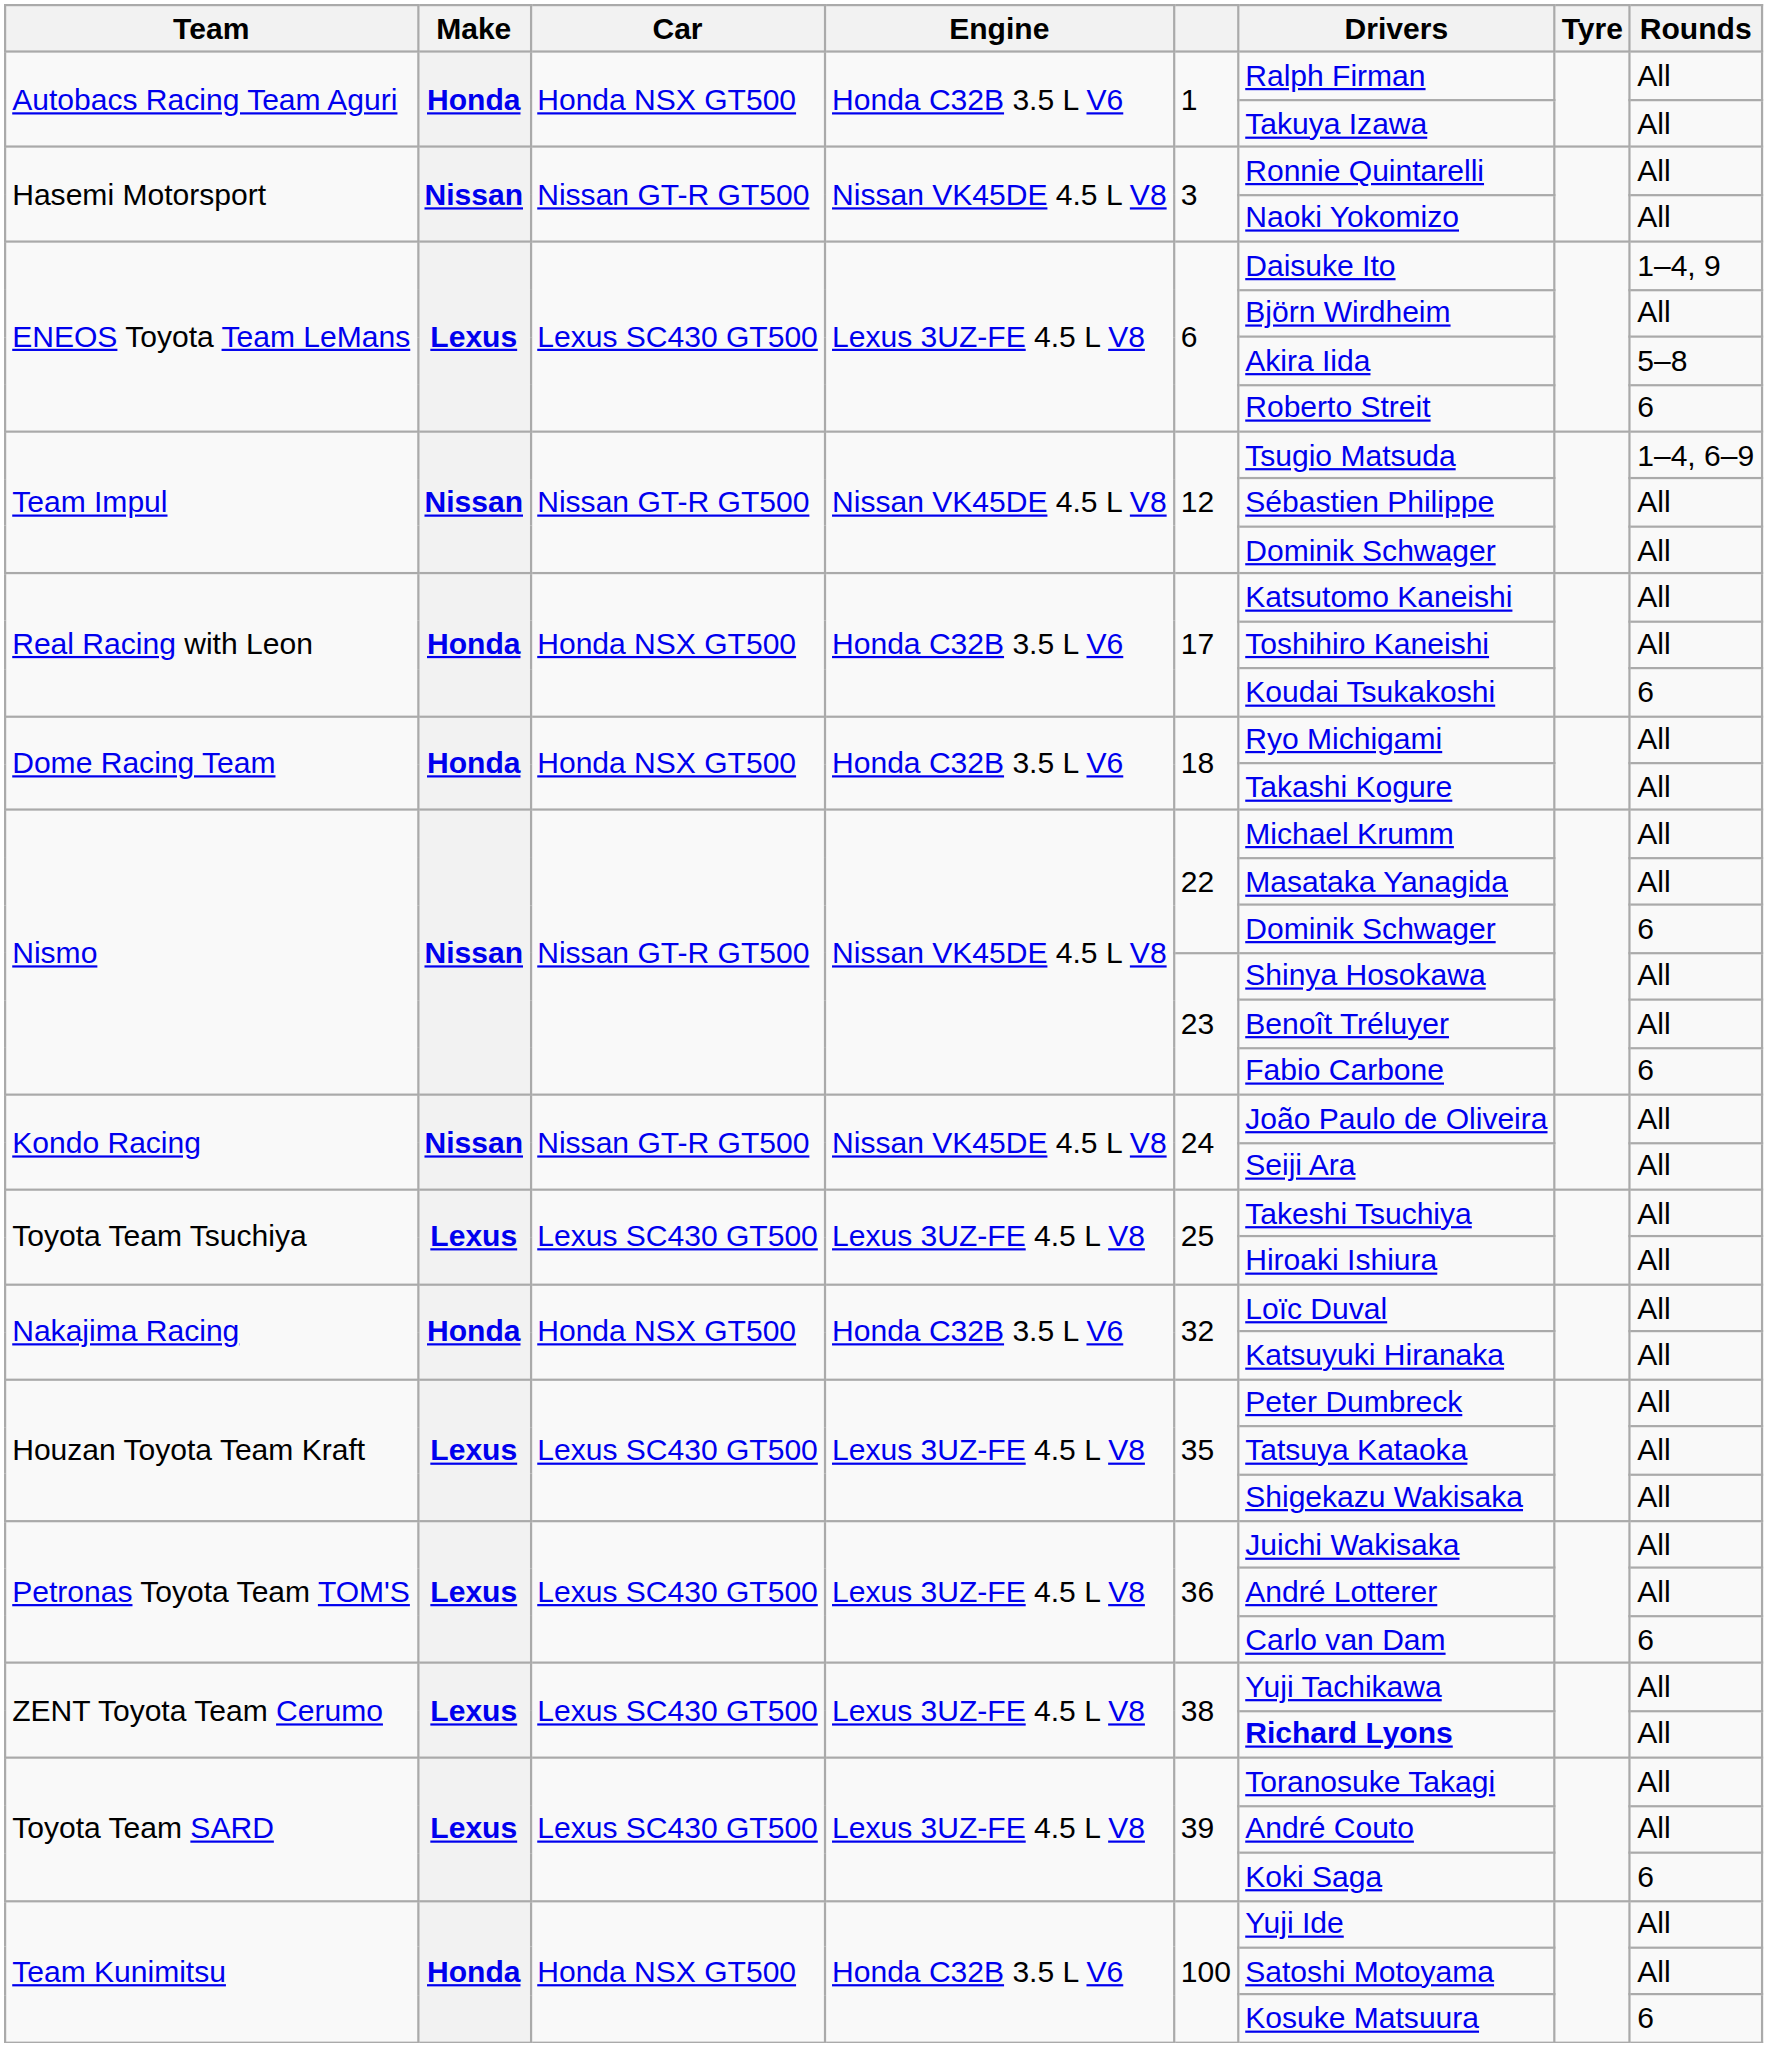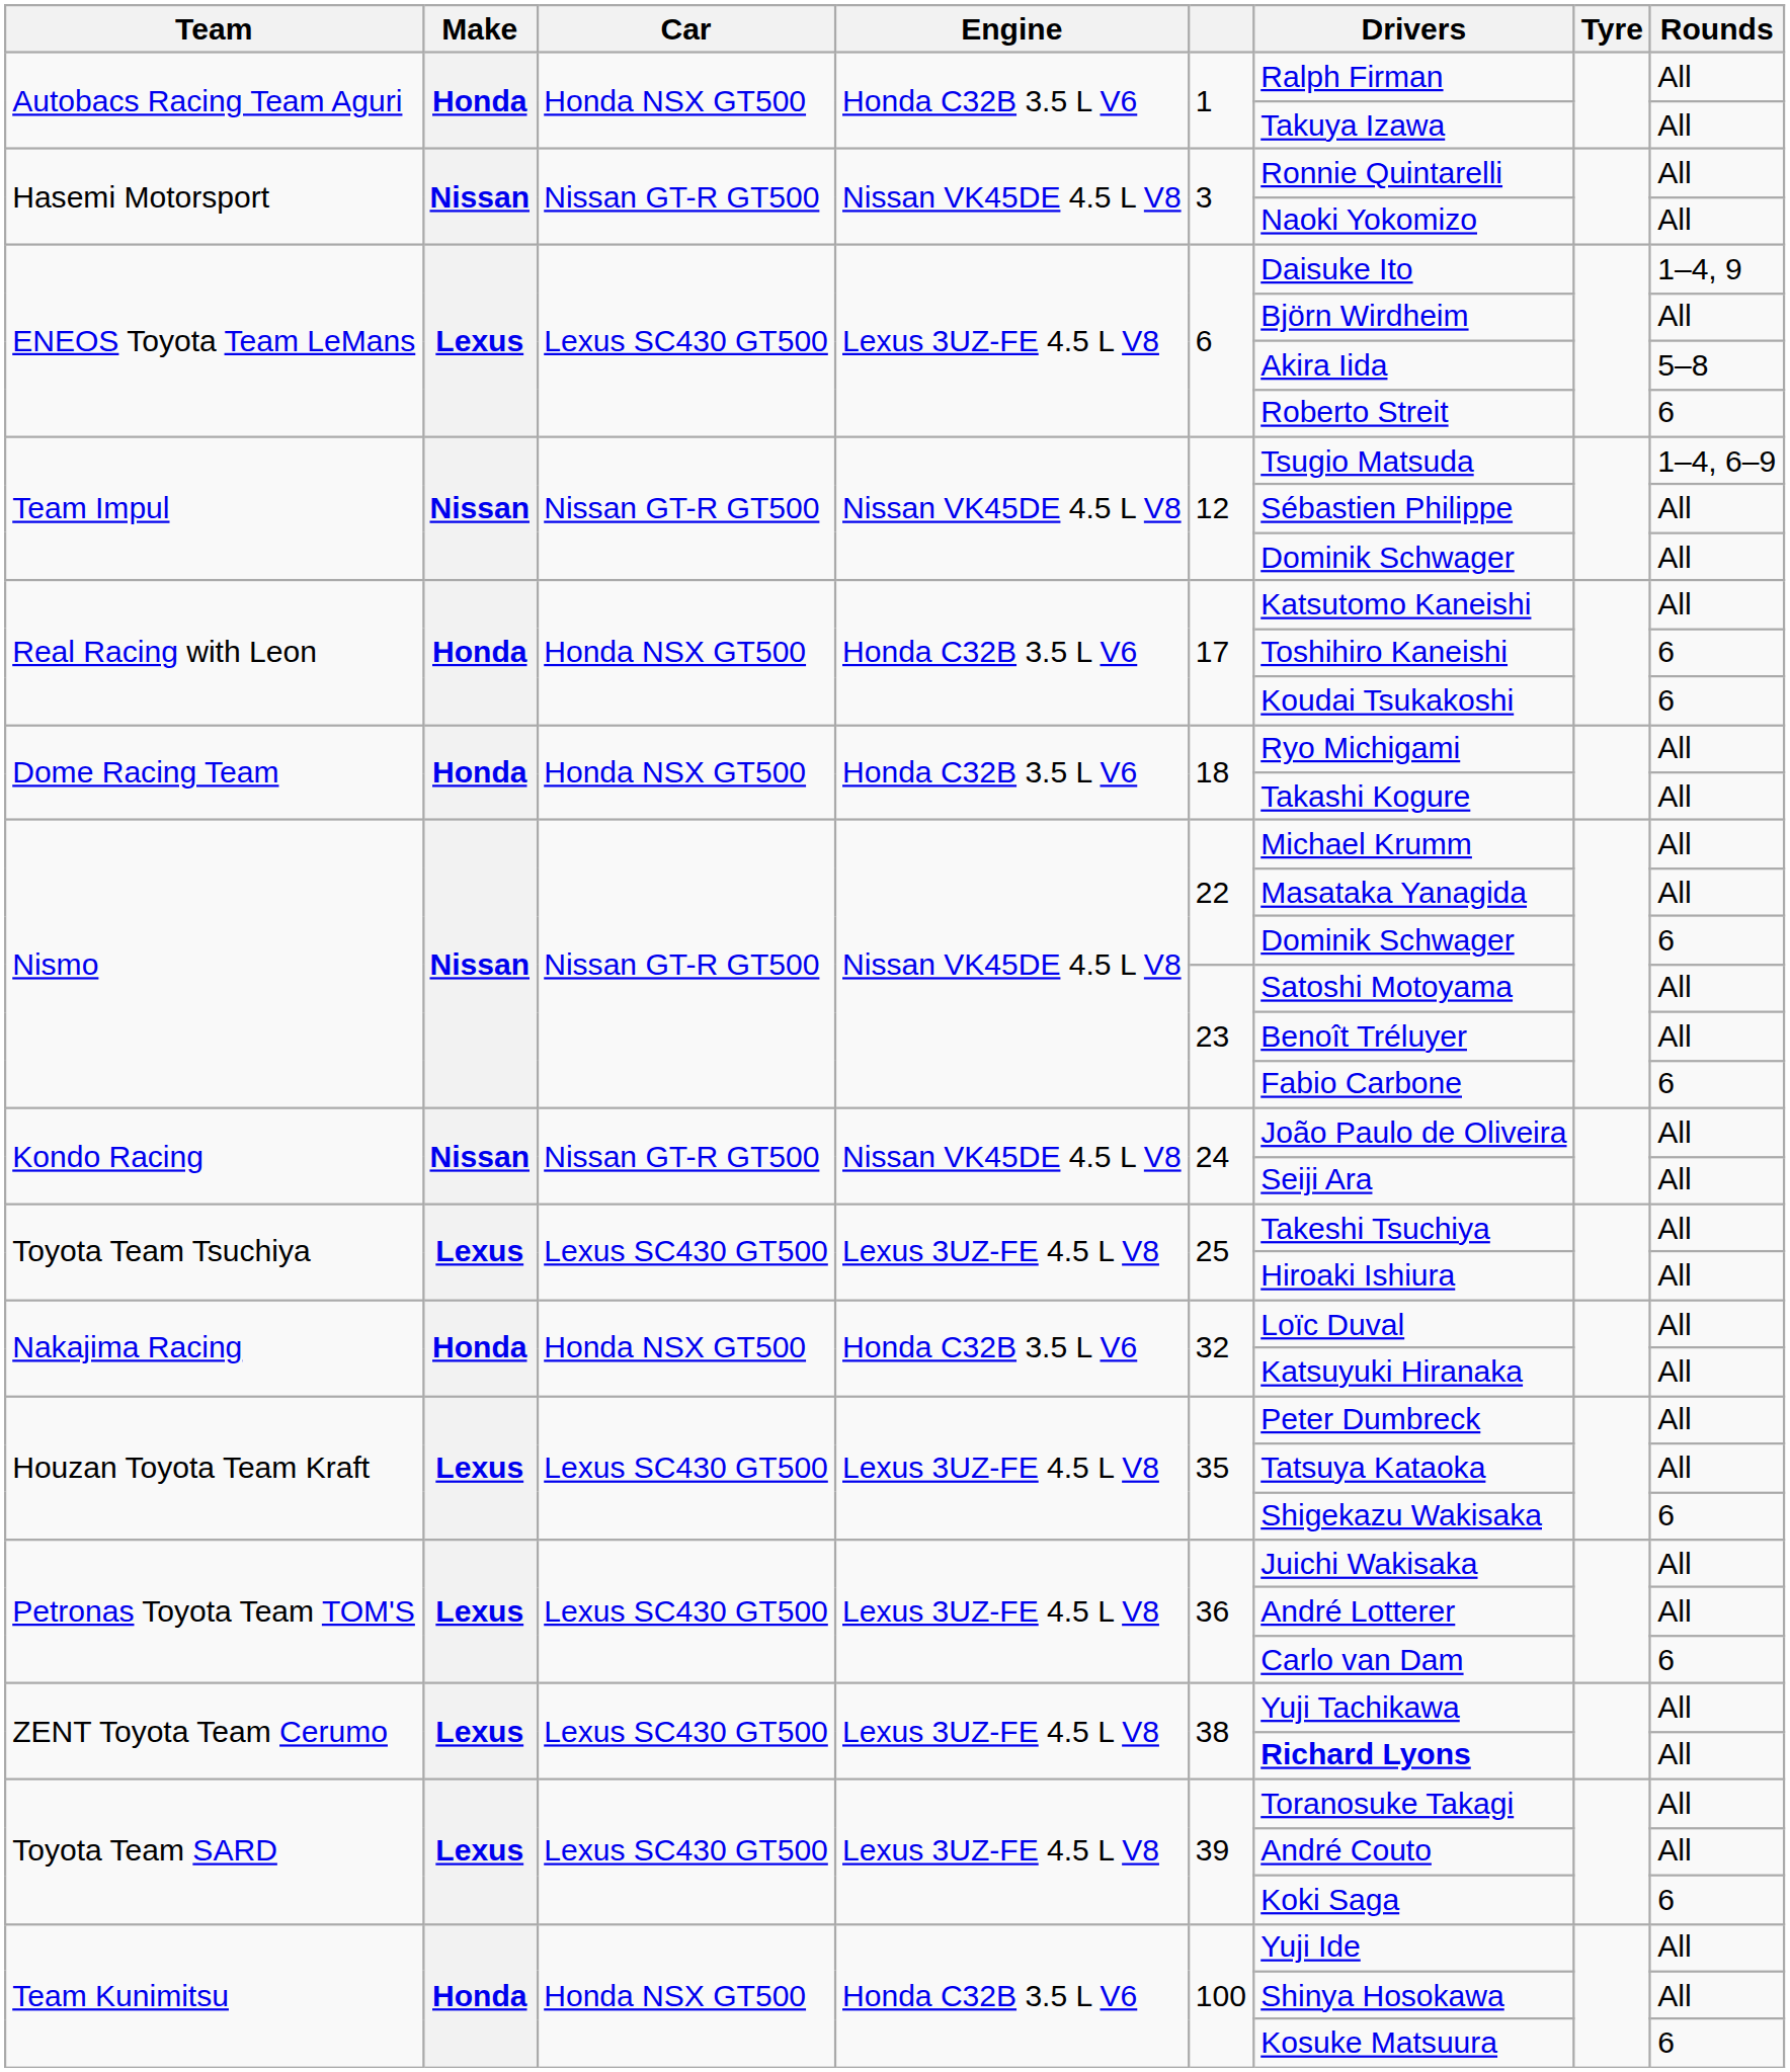 <table class="wikitable" style="font-size: 85%">
 <tr>
 <th>Team</th>
 <th>Make</th>
 <th>Car</th>
 <th>Engine</th>
 <th></th>
 <th>Drivers</th>
 <th>Tyre</th>
 <th>Rounds</th>
 </tr>
 <tr>
 <td rowspan=2><a href='#'>Autobacs Racing Team Aguri</a></td>
 <th rowspan=2><a href='#'>Honda</a></th>
 <td rowspan=2><a href='#'>Honda NSX GT500</a></td>
 <td rowspan=2><a href='#'>Honda C32B</a> 3.5 L <a href='#'>V6</a></td>
 <td rowspan=2>1</td>
 <td> <a href='#'>Ralph Firman</a></td>
 <td rowspan=2 align="center"></td>
 <td>All</td>
 </tr>
 <tr>
 <td> <a href='#'>Takuya Izawa</a></td>
 <td>All</td>
 </tr>
 <tr>
 <td rowspan=2>Hasemi Motorsport</td>
 <th rowspan=2><a href='#'>Nissan</a></th>
 <td rowspan=2><a href='#'>Nissan GT-R GT500</a></td>
 <td rowspan=2><a href='#'>Nissan VK45DE</a> 4.5 L <a href='#'>V8</a></td>
 <td rowspan=2>3</td>
 <td> <a href='#'>Ronnie Quintarelli</a></td>
 <td rowspan=2 align="center"></td>
 <td>All</td>
 </tr>
 <tr>
 <td> <a href='#'>Naoki Yokomizo</a></td>
 <td>All</td>
 </tr>
 <tr>
 <td rowspan=4><a href='#'>ENEOS</a> Toyota <a href='#'>Team LeMans</a></td>
 <th rowspan=4><a href='#'>Lexus</a></th>
 <td rowspan=4><a href='#'>Lexus SC430 GT500</a></td>
 <td rowspan=4><a href='#'>Lexus 3UZ-FE</a> 4.5 L <a href='#'>V8</a></td>
 <td rowspan=4>6</td>
 <td> <a href='#'>Daisuke Ito</a></td>
 <td rowspan=4 align="center"></td>
 <td>1–4, 9</td>
 </tr>
 <tr>
 <td> <a href='#'>Björn Wirdheim</a></td>
 <td>All</td>
 </tr>
 <tr>
 <td> <a href='#'>Akira Iida</a></td>
 <td>5–8</td>
 </tr>
 <tr>
 <td> <a href='#'>Roberto Streit</a></td>
 <td>6</td>
 </tr>
 <tr>
 <td rowspan=3><a href='#'>Team Impul</a></td>
 <th rowspan=3><a href='#'>Nissan</a></th>
 <td rowspan=3><a href='#'>Nissan GT-R GT500</a></td>
 <td rowspan=3><a href='#'>Nissan VK45DE</a> 4.5 L <a href='#'>V8</a></td>
 <td rowspan=3>12</td>
 <td> <a href='#'>Tsugio Matsuda</a></td>
 <td rowspan=3 align="center"></td>
 <td>1–4, 6–9</td>
 </tr>
 <tr>
 <td> <a href='#'>Sébastien Philippe</a></td>
 <td>All</td>
 </tr>
 <tr>
 <td> <a href='#'>Dominik Schwager</a></td>
 <td>All</td>
 </tr>
 <tr>
 <td rowspan=3><a href='#'>Real Racing</a> with Leon</td>
 <th rowspan=3><a href='#'>Honda</a></th>
 <td rowspan=3><a href='#'>Honda NSX GT500</a></td>
 <td rowspan=3><a href='#'>Honda C32B</a> 3.5 L <a href='#'>V6</a></td>
 <td rowspan=3>17</td>
 <td> <a href='#'>Katsutomo Kaneishi</a></td>
 <td rowspan=3 align="center"></td>
 <td>All</td>
 </tr>
 <tr>
 <td> <a href='#'>Toshihiro Kaneishi</a></td>
-<td>All</td>
+<td>6</td>
 </tr>
 <tr>
 <td> <a href='#'>Koudai Tsukakoshi</a></td>
 <td>6</td>
 </tr>
 <tr>
 <td rowspan=2><a href='#'>Dome Racing Team</a></td>
 <th rowspan=2><a href='#'>Honda</a></th>
 <td rowspan=2><a href='#'>Honda NSX GT500</a></td>
 <td rowspan=2><a href='#'>Honda C32B</a> 3.5 L <a href='#'>V6</a></td>
 <td rowspan=2>18</td>
 <td> <a href='#'>Ryo Michigami</a></td>
 <td rowspan=2 align="center"></td>
 <td>All</td>
 </tr>
 <tr>
 <td> <a href='#'>Takashi Kogure</a></td>
 <td>All</td>
 </tr>
 <tr>
 <td rowspan=6><a href='#'>Nismo</a></td>
 <th rowspan=6><a href='#'>Nissan</a></th>
 <td rowspan=6><a href='#'>Nissan GT-R GT500</a></td>
 <td rowspan=6><a href='#'>Nissan VK45DE</a> 4.5 L <a href='#'>V8</a></td>
 <td rowspan=3>22</td>
 <td> <a href='#'>Michael Krumm</a></td>
 <td rowspan=6 align="center"></td>
 <td>All</td>
 </tr>
 <tr>
 <td> <a href='#'>Masataka Yanagida</a></td>
 <td>All</td>
 </tr>
 <tr>
 <td> <a href='#'>Dominik Schwager</a></td>
 <td>6</td>
 </tr>
 <tr>
 <td rowspan=3>23</td>
-<td> <a href='#'>Shinya Hosokawa</a></td>
+<td> <a href='#'>Satoshi Motoyama</a></td>
 <td>All</td>
 </tr>
 <tr>
 <td> <a href='#'>Benoît Tréluyer</a></td>
 <td>All</td>
 </tr>
 <tr>
 <td> <a href='#'>Fabio Carbone</a></td>
 <td>6</td>
 </tr>
 <tr>
 <td rowspan=2><a href='#'>Kondo Racing</a></td>
 <th rowspan=2><a href='#'>Nissan</a></th>
 <td rowspan=2><a href='#'>Nissan GT-R GT500</a></td>
 <td rowspan=2><a href='#'>Nissan VK45DE</a> 4.5 L <a href='#'>V8</a></td>
 <td rowspan=2>24</td>
 <td> <a href='#'>João Paulo de Oliveira</a></td>
 <td rowspan=2 align="center"></td>
 <td>All</td>
 </tr>
 <tr>
 <td> <a href='#'>Seiji Ara</a></td>
 <td>All</td>
 </tr>
 <tr>
 <td rowspan=2>Toyota Team Tsuchiya</td>
 <th rowspan=2><a href='#'>Lexus</a></th>
 <td rowspan=2><a href='#'>Lexus SC430 GT500</a></td>
 <td rowspan=2><a href='#'>Lexus 3UZ-FE</a> 4.5 L <a href='#'>V8</a></td>
 <td rowspan=2>25</td>
 <td> <a href='#'>Takeshi Tsuchiya</a></td>
 <td rowspan=2 align="center"></td>
 <td>All</td>
 </tr>
 <tr>
 <td> <a href='#'>Hiroaki Ishiura</a></td>
 <td>All</td>
 </tr>
 <tr>
 <td rowspan=2><a href='#'>Nakajima Racing</a></td>
 <th rowspan=2><a href='#'>Honda</a></th>
 <td rowspan=2><a href='#'>Honda NSX GT500</a></td>
 <td rowspan=2><a href='#'>Honda C32B</a> 3.5 L <a href='#'>V6</a></td>
 <td rowspan=2>32</td>
 <td> <a href='#'>Loïc Duval</a></td>
 <td rowspan=2 align="center"></td>
 <td>All</td>
 </tr>
 <tr>
 <td> <a href='#'>Katsuyuki Hiranaka</a></td>
 <td>All</td>
 </tr>
 <tr>
 <td rowspan=3>Houzan Toyota Team Kraft</td>
 <th rowspan=3><a href='#'>Lexus</a></th>
 <td rowspan=3><a href='#'>Lexus SC430 GT500</a></td>
 <td rowspan=3><a href='#'>Lexus 3UZ-FE</a> 4.5 L <a href='#'>V8</a></td>
 <td rowspan=3>35</td>
 <td> <a href='#'>Peter Dumbreck</a></td>
 <td rowspan=3 align="center"></td>
 <td>All</td>
 </tr>
 <tr>
 <td> <a href='#'>Tatsuya Kataoka</a></td>
 <td>All</td>
 </tr>
 <tr>
 <td> <a href='#'>Shigekazu Wakisaka</a></td>
-<td>All</td>
+<td>6</td>
 </tr>
 <tr>
 <td rowspan=3><a href='#'>Petronas</a> Toyota Team <a href='#'>TOM'S</a></td>
 <th rowspan=3><a href='#'>Lexus</a></th>
 <td rowspan=3><a href='#'>Lexus SC430 GT500</a></td>
 <td rowspan=3><a href='#'>Lexus 3UZ-FE</a> 4.5 L <a href='#'>V8</a></td>
 <td rowspan=3>36</td>
 <td> <a href='#'>Juichi Wakisaka</a></td>
 <td rowspan=3 align="center"></td>
 <td>All</td>
 </tr>
 <tr>
 <td> <a href='#'>André Lotterer</a></td>
 <td>All</td>
 </tr>
 <tr>
 <td> <a href='#'>Carlo van Dam</a></td>
 <td>6</td>
 </tr>
 <tr>
 <td rowspan=2>ZENT Toyota Team <a href='#'>Cerumo</a></td>
 <th rowspan=2><a href='#'>Lexus</a></th>
 <td rowspan=2><a href='#'>Lexus SC430 GT500</a></td>
 <td rowspan=2><a href='#'>Lexus 3UZ-FE</a> 4.5 L <a href='#'>V8</a></td>
 <td rowspan=2>38</td>
 <td> <a href='#'>Yuji Tachikawa</a></td>
 <td rowspan=2 align="center"></td>
 <td>All</td>
 </tr>
 <tr>
 <td><strong> <a href='#'>Richard Lyons</a></strong></td>
 <td>All</td>
 </tr>
 <tr>
 <td rowspan=3>Toyota Team <a href='#'>SARD</a></td>
 <th rowspan=3><a href='#'>Lexus</a></th>
 <td rowspan=3><a href='#'>Lexus SC430 GT500</a></td>
 <td rowspan=3><a href='#'>Lexus 3UZ-FE</a> 4.5 L <a href='#'>V8</a></td>
 <td rowspan=3>39</td>
 <td> <a href='#'>Toranosuke Takagi</a></td>
 <td rowspan=3 align="center"></td>
 <td>All</td>
 </tr>
 <tr>
 <td> <a href='#'>André Couto</a></td>
 <td>All</td>
 </tr>
 <tr>
 <td> <a href='#'>Koki Saga</a></td>
 <td>6</td>
 </tr>
 <tr>
 <td rowspan=3><a href='#'>Team Kunimitsu</a></td>
 <th rowspan=3><a href='#'>Honda</a></th>
 <td rowspan=3><a href='#'>Honda NSX GT500</a></td>
 <td rowspan=3><a href='#'>Honda C32B</a> 3.5 L <a href='#'>V6</a></td>
 <td rowspan=3>100</td>
 <td> <a href='#'>Yuji Ide</a></td>
 <td rowspan=3 align="center"></td>
 <td>All</td>
 </tr>
 <tr>
-<td> <a href='#'>Satoshi Motoyama</a></td>
+<td> <a href='#'>Shinya Hosokawa</a></td>
 <td>All</td>
 </tr>
 <tr>
 <td> <a href='#'>Kosuke Matsuura</a></td>
 <td>6</td>
 </tr>
 </table>
